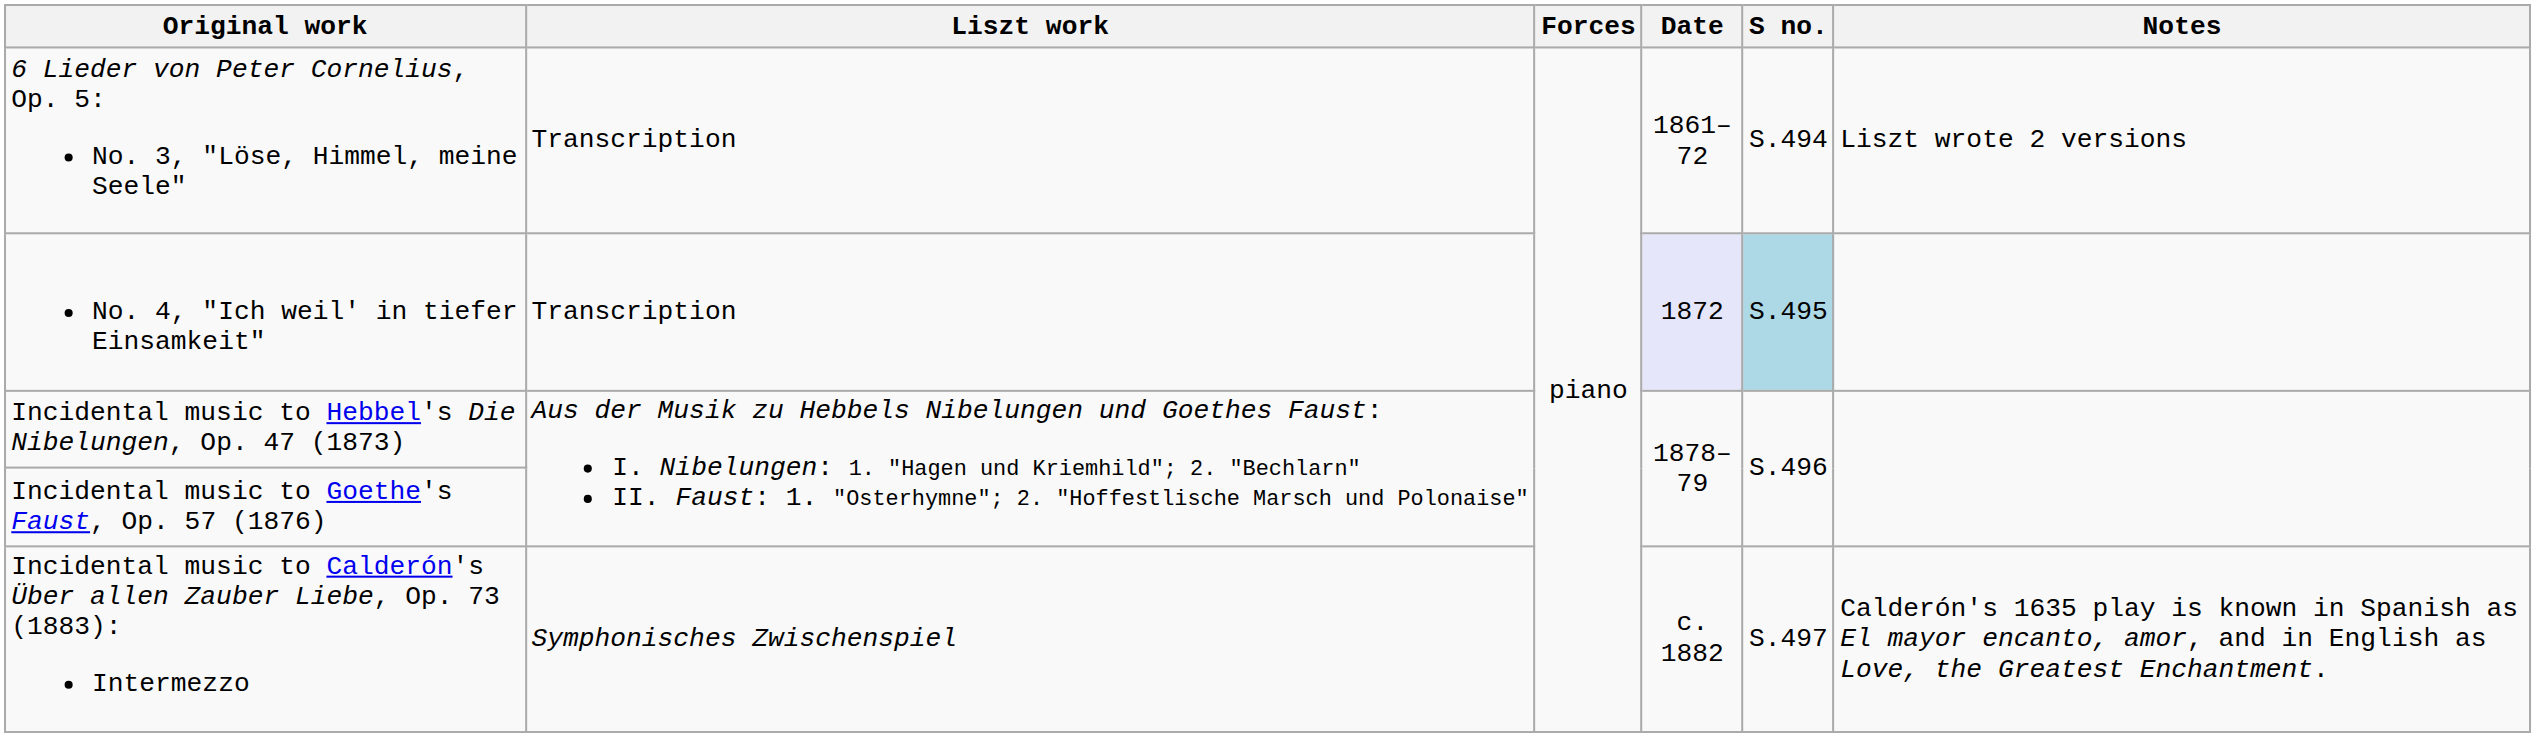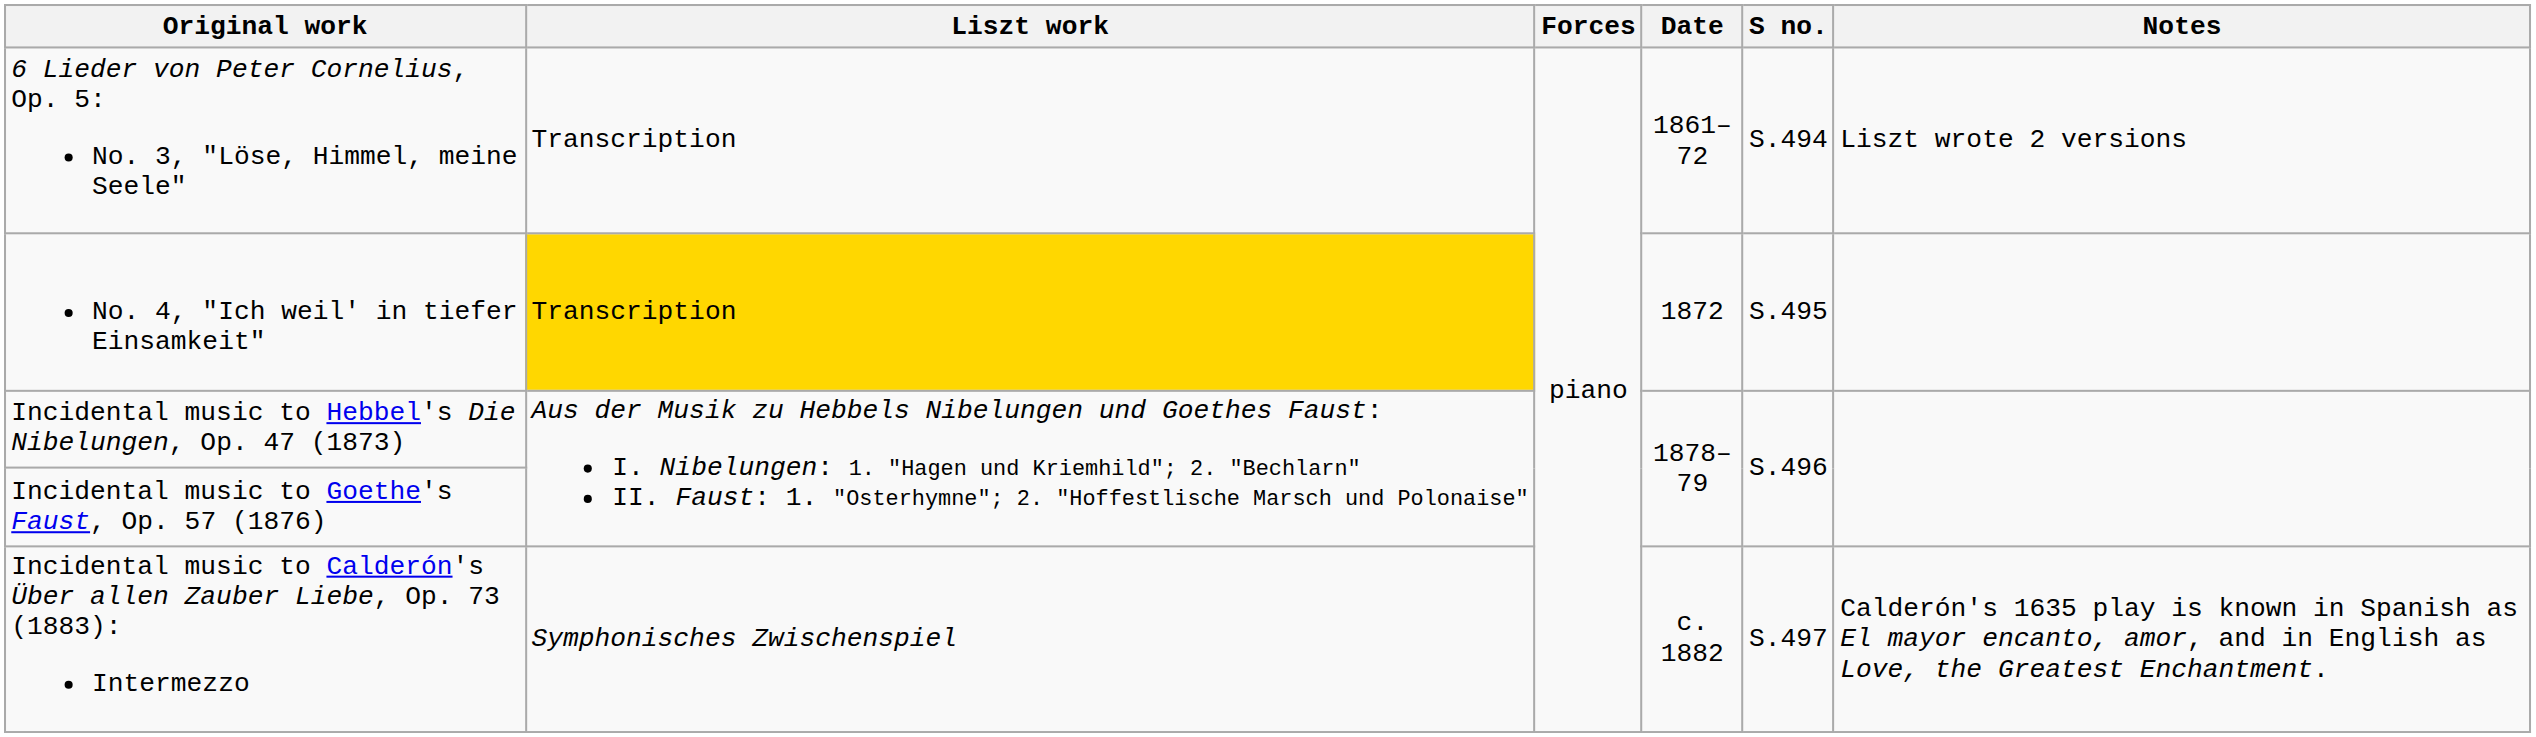 <table class="wikitable">
 <tr>
 <th>Original work</th>
 <th>Liszt work</th>
 <th>Forces</th>
 <th>Date</th>
 <th>S no.</th>
 <th>Notes</th>
 </tr>
 <tr>
 <td><em>6 Lieder von Peter Cornelius</em>, Op. 5:<br><ul><li>No. 3, "Löse, Himmel, meine Seele"</li></ul></td>
 <td>Transcription</td>
 <td rowspan=5 style="text-align: center">piano</td>
 <td style="text-align: center">1861–72</td>
 <td>S.494</td>
 <td>Liszt wrote 2 versions</td>
 </tr>
 <tr>
 <td><br><ul><li>No. 4, "Ich weil' in tiefer Einsamkeit"</li></ul></td>
-<td>Transcription</td>
-<td style="background: lavender; text-align: center">1872</td>
-<td style="background: lightblue;">S.495</td>
+<td style="background: gold;">Transcription</td>
+<td style="text-align: center">1872</td>
+<td>S.495</td>
 <td></td>
 </tr>
 <tr>
 <td>Incidental music to <a href='#'>Hebbel</a>'s <em>Die Nibelungen</em>, Op. 47 (1873)</td>
 <td rowspan=2><em>Aus der Musik zu Hebbels Nibelungen und Goethes Faust</em>:<br><ul><li>I. <em>Nibelungen</em>: <small>1. "Hagen und Kriemhild"; 2. "Bechlarn"</small></li><li>II. <em>Faust</em>: 1. <small>"Osterhymne"; 2. "Hoffestlische Marsch und Polonaise"</small></li></ul></td>
 <td rowspan=2 style="text-align: center">1878–79</td>
 <td rowspan=2>S.496</td>
 <td rowspan=2></td>
 </tr>
 <tr>
 <td>Incidental music to <a href='#'>Goethe</a>'s <em><a href='#'>Faust</a></em>, Op. 57 (1876)</td>
 </tr>
 <tr>
 <td>Incidental music to <a href='#'>Calderón</a>'s <em>Über allen Zauber Liebe</em>, Op. 73 (1883):<br><ul><li>Intermezzo</li></ul></td>
 <td><em>Symphonisches Zwischenspiel</em></td>
 <td style="text-align: center">c. 1882</td>
 <td>S.497</td>
 <td>Calderón's 1635 play is known in Spanish as <em>El mayor encanto, amor</em>, and in English as <em>Love, the Greatest Enchantment</em>.</td>
 </tr>
 <tr>
 </tr>
 </table>
